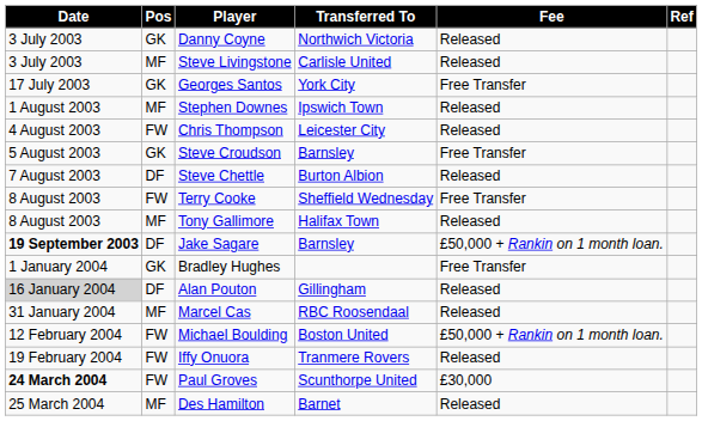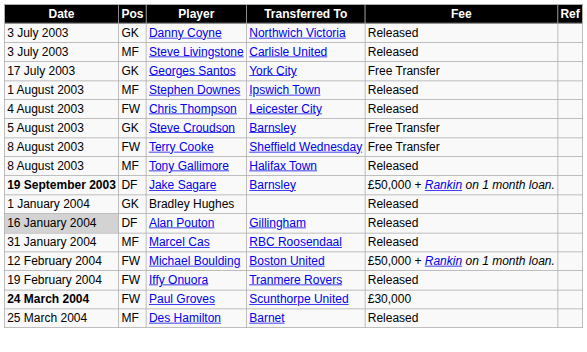 <table class="wikitable plainrowheaders sortable">
 <tr>
 <th style="background:#000000; color:#FFFFFF; ">Date</th>
 <th style="background:#000000; color:#FFFFff; ">Pos</th>
 <th style="background:#000000; color:#FFFFff; ">Player</th>
 <th style="background:#000000; color:#FFFFff; ">Transferred To</th>
 <th style="background:#000000; color:#FFFFff; ">Fee</th>
 <th style="background:#000000; color:#FFFFff; ">Ref</th>
 </tr>
 <tr>
 <td>3 July 2003</td>
 <td>GK</td>
 <td> <a href='#'>Danny Coyne</a></td>
 <td> <a href='#'>Northwich Victoria</a></td>
 <td>Released</td>
 <td></td>
 </tr>
 <tr>
 <td>3 July 2003</td>
 <td>MF</td>
 <td> <a href='#'>Steve Livingstone</a></td>
 <td> <a href='#'>Carlisle United</a></td>
 <td>Released</td>
 <td></td>
 </tr>
 <tr>
 <td>17 July 2003</td>
 <td>GK</td>
 <td> <a href='#'>Georges Santos</a></td>
 <td> <a href='#'>York City</a></td>
 <td>Free Transfer</td>
 <td></td>
 </tr>
 <tr>
 <td>1 August 2003</td>
 <td>MF</td>
 <td> <a href='#'>Stephen Downes</a></td>
 <td> <a href='#'>Ipswich Town</a></td>
 <td>Released</td>
 <td></td>
 </tr>
 <tr>
 <td>4 August 2003</td>
 <td>FW</td>
 <td> <a href='#'>Chris Thompson</a></td>
 <td> <a href='#'>Leicester City</a></td>
 <td>Released</td>
 <td></td>
 </tr>
 <tr>
 <td>5 August 2003</td>
 <td>GK</td>
 <td> <a href='#'>Steve Croudson</a></td>
 <td> <a href='#'>Barnsley</a></td>
 <td>Free Transfer</td>
 <td></td>
 </tr>
 <tr>
-<td>7 August 2003</td>
-<td>DF</td>
-<td> <a href='#'>Steve Chettle</a></td>
-<td> <a href='#'>Burton Albion</a></td>
-<td>Released</td>
-<td></td>
-</tr>
-<tr>
 <td>8 August 2003</td>
 <td>FW</td>
 <td> <a href='#'>Terry Cooke</a></td>
 <td> <a href='#'>Sheffield Wednesday</a></td>
 <td>Free Transfer</td>
 <td></td>
 </tr>
 <tr>
 <td>8 August 2003</td>
 <td>MF</td>
 <td> <a href='#'>Tony Gallimore</a></td>
 <td> <a href='#'>Halifax Town</a></td>
 <td>Released</td>
 <td></td>
 </tr>
 <tr>
 <td><strong>19 September 2003</strong></td>
 <td>DF</td>
 <td> <a href='#'>Jake Sagare</a></td>
 <td> <a href='#'>Barnsley</a></td>
 <td>£50,000 + <em><a href='#'>Rankin</a> on 1 month loan.</em></td>
 <td></td>
 </tr>
 <tr>
 <td>1 January 2004</td>
 <td>GK</td>
 <td> Bradley Hughes</td>
 <td></td>
-<td>Free Transfer</td>
+<td>Released</td>
 <td></td>
 </tr>
 <tr>
 <td style="background: lightgrey;">16 January 2004</td>
 <td>DF</td>
 <td> <a href='#'>Alan Pouton</a></td>
 <td> <a href='#'>Gillingham</a></td>
 <td>Released</td>
 <td></td>
 </tr>
 <tr>
 <td>31 January 2004</td>
 <td>MF</td>
 <td> <a href='#'>Marcel Cas</a></td>
 <td> <a href='#'>RBC Roosendaal</a></td>
 <td>Released</td>
 <td></td>
 </tr>
 <tr>
 <td>12 February 2004</td>
 <td>FW</td>
 <td> <a href='#'>Michael Boulding</a></td>
 <td> <a href='#'>Boston United</a></td>
 <td>£50,000 + <em><a href='#'>Rankin</a> on 1 month loan.</em></td>
 <td></td>
 </tr>
 <tr>
 <td>19 February 2004</td>
 <td>FW</td>
 <td> <a href='#'>Iffy Onuora</a></td>
 <td> <a href='#'>Tranmere Rovers</a></td>
 <td>Released</td>
 <td></td>
 </tr>
 <tr>
 <td><strong>24 March 2004</strong></td>
 <td>FW</td>
 <td> <a href='#'>Paul Groves</a></td>
 <td> <a href='#'>Scunthorpe United</a></td>
 <td>£30,000</td>
 <td></td>
 </tr>
 <tr>
 <td>25 March 2004</td>
 <td>MF</td>
 <td> <a href='#'>Des Hamilton</a></td>
 <td> <a href='#'>Barnet</a></td>
 <td>Released</td>
 <td></td>
 </tr>
 </table>
